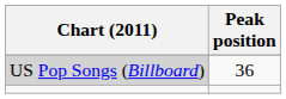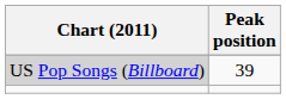 <table class="wikitable sortable">
 <tr>
 <th>Chart (2011)</th>
 <th>Peak<br>position</th>
 </tr>
 <tr>
 </tr>
 <tr>
 </tr>
 <tr>
 </tr>
 <tr>
 </tr>
 <tr>
 <td style="background: lightgrey;">US <a href='#'>Pop Songs</a> (<em><a href='#'>Billboard</a></em>)</td>
-<td style="text-align:center;">36</td>
+<td style="text-align:center;">39</td>
 </tr>
 <tr>
 <td></td>
 </tr>
 </table>
